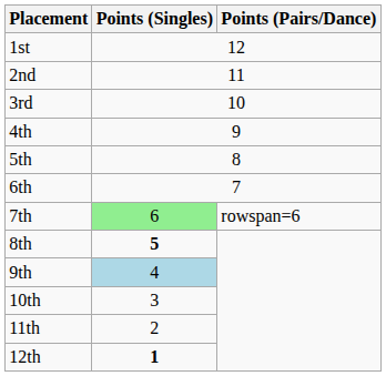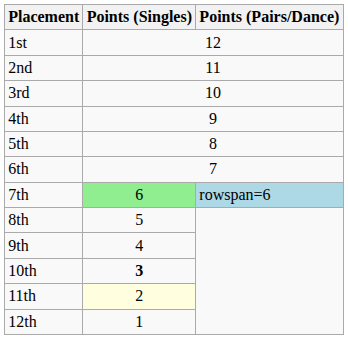 <table class="wikitable">
 <tr>
 <th>Placement</th>
 <th>Points (Singles)</th>
 <th>Points (Pairs/Dance)</th>
 </tr>
 <tr>
 <td>1st</td>
 <td align="center" colspan=2>12</td>
 </tr>
 <tr>
 <td>2nd</td>
 <td align="center" colspan=2>11</td>
 </tr>
 <tr>
 <td>3rd</td>
 <td align="center" colspan=2>10</td>
 </tr>
 <tr>
 <td>4th</td>
 <td align="center" colspan=2>9</td>
 </tr>
 <tr>
 <td>5th</td>
 <td align="center" colspan=2>8</td>
 </tr>
 <tr>
 <td>6th</td>
 <td align="center" colspan=2>7</td>
 </tr>
 <tr>
 <td>7th</td>
 <td align="center" style="background: lightgreen;">6</td>
-<td>rowspan=6 </td>
+<td style="background: lightblue;">rowspan=6 </td>
 </tr>
 <tr>
 <td>8th</td>
-<td align="center"><strong>5</strong></td>
+<td align="center">5</td>
 </tr>
 <tr>
 <td>9th</td>
-<td align="center" style="background: lightblue;">4</td>
+<td align="center">4</td>
 </tr>
 <tr>
 <td>10th</td>
-<td align="center">3</td>
+<td align="center"><strong>3</strong></td>
 </tr>
 <tr>
 <td>11th</td>
-<td align="center">2</td>
+<td align="center" style="background: lightyellow;">2</td>
 </tr>
 <tr>
 <td>12th</td>
-<td align="center"><strong>1</strong></td>
+<td align="center">1</td>
 </tr>
 </table>
